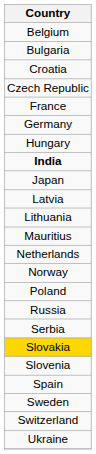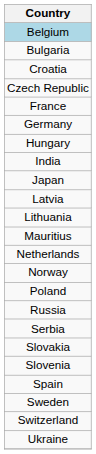 <table class="wikitable" style="text-align:center">
 <tr>
 <th>Country</th>
 </tr>
 <tr>
-<td>Belgium</td>
+<td style="background: lightblue;">Belgium</td>
 </tr>
 <tr>
 <td>Bulgaria</td>
 </tr>
 <tr>
 <td>Croatia</td>
 </tr>
 <tr>
 <td>Czech Republic</td>
 </tr>
 <tr>
 <td>France</td>
 </tr>
 <tr>
 <td>Germany</td>
 </tr>
 <tr>
 <td>Hungary</td>
 </tr>
 <tr>
-<td><strong>India</strong></td>
+<td>India</td>
 </tr>
 <tr>
 <td>Japan</td>
 </tr>
 <tr>
 <td>Latvia</td>
 </tr>
 <tr>
 <td>Lithuania</td>
 </tr>
 <tr>
 <td>Mauritius</td>
 </tr>
 <tr>
 <td>Netherlands</td>
 </tr>
 <tr>
 <td>Norway</td>
 </tr>
 <tr>
 <td>Poland</td>
 </tr>
 <tr>
 <td>Russia</td>
 </tr>
 <tr>
 <td>Serbia</td>
 </tr>
 <tr>
-<td style="background: gold;">Slovakia</td>
+<td>Slovakia</td>
 </tr>
 <tr>
 <td>Slovenia</td>
 </tr>
 <tr>
 <td>Spain</td>
 </tr>
 <tr>
 <td>Sweden</td>
 </tr>
 <tr>
 <td>Switzerland</td>
 </tr>
 <tr>
 <td>Ukraine</td>
 </tr>
 <tr>
 </tr>
 </table>
